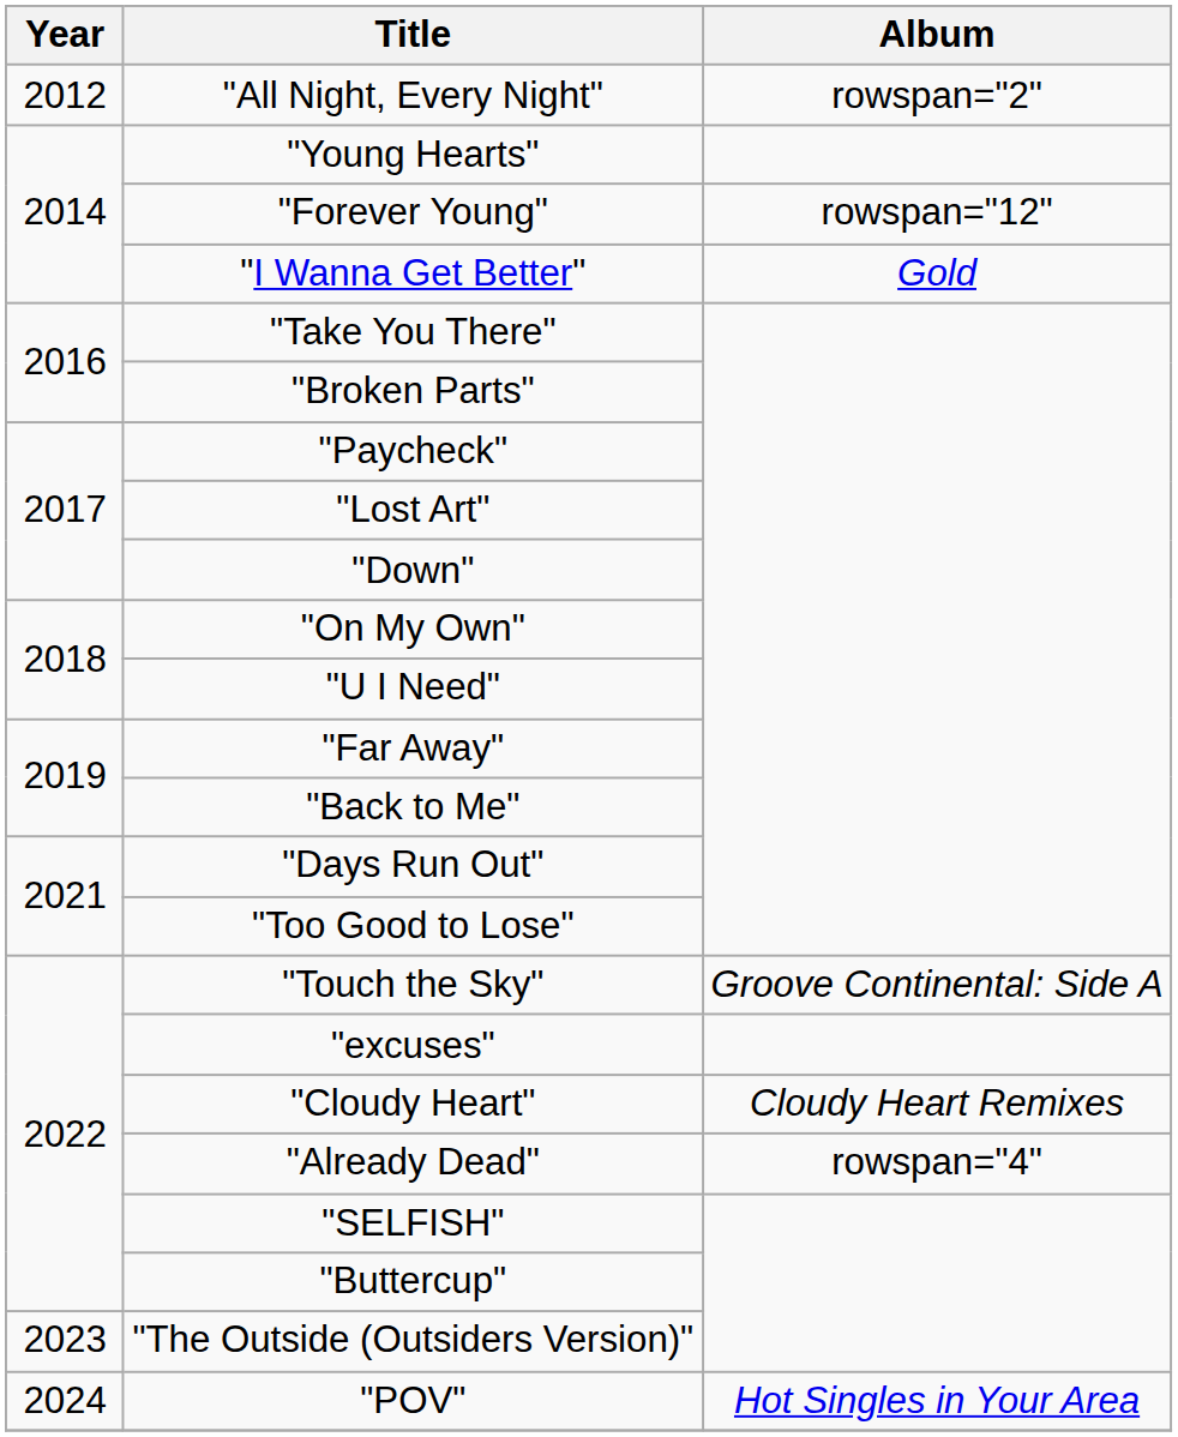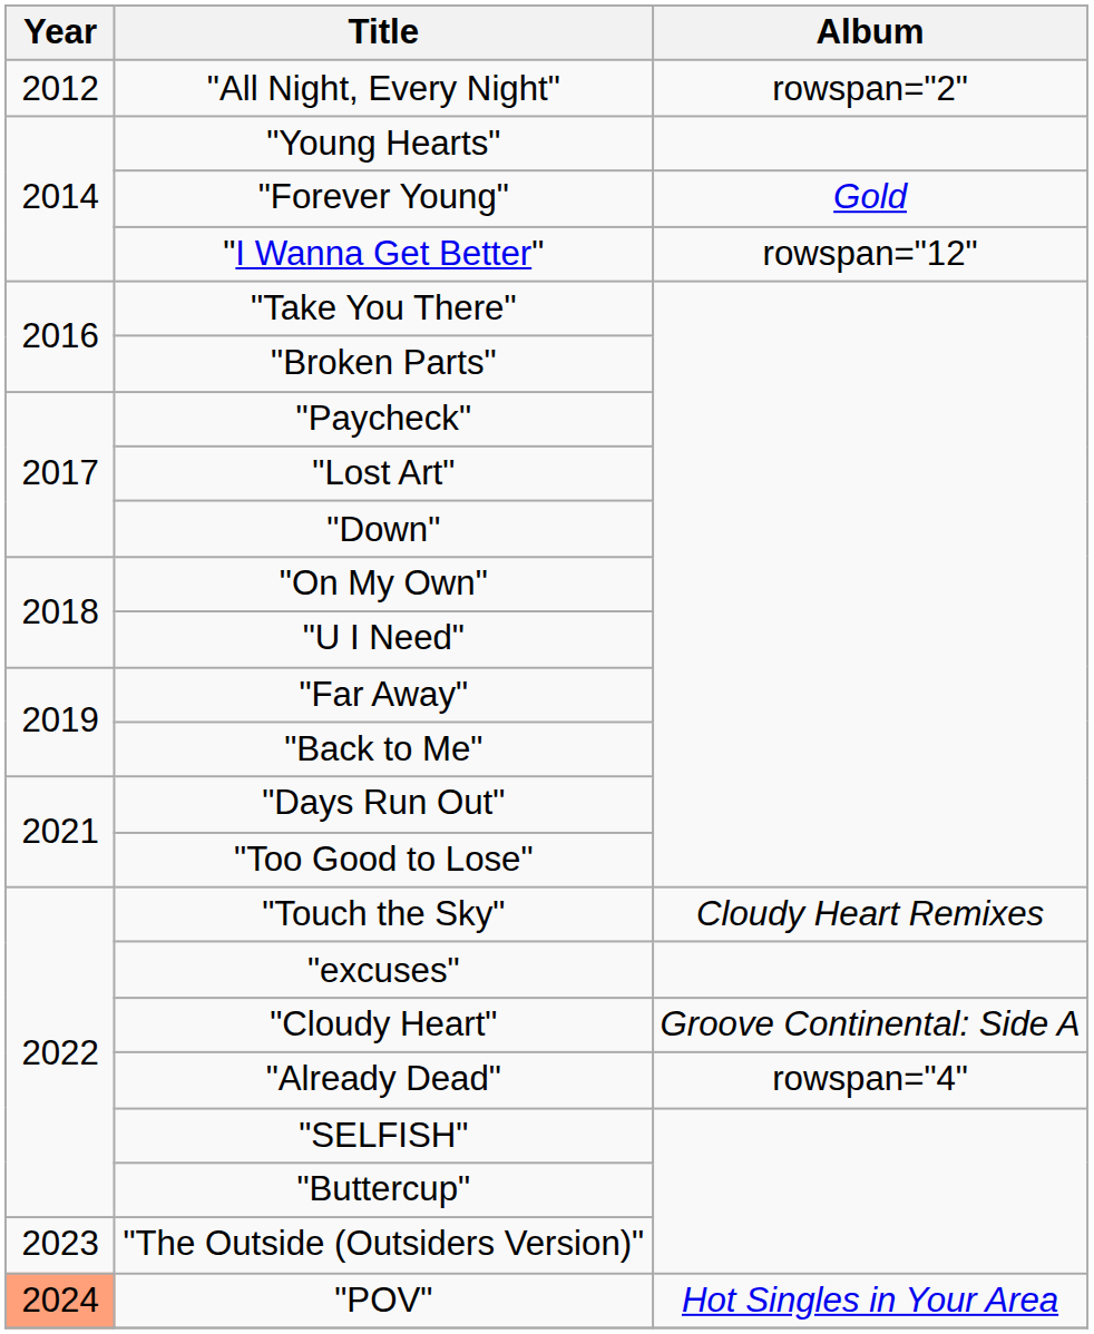 <table class="wikitable" style="text-align:center;">
 <tr>
 <th rowspan="1" width="43">Year</th>
 <th rowspan="1">Title</th>
 <th rowspan="1">Album</th>
 </tr>
 <tr>
 <td>2012</td>
 <td>"All Night, Every Night"<br></td>
 <td>rowspan="2" </td>
 </tr>
 <tr>
 <td rowspan="3">2014</td>
 <td>"Young Hearts"<br></td>
 </tr>
 <tr>
 <td>"Forever Young"<br></td>
-<td>rowspan="12" </td>
+<td><em><a href='#'>Gold</a></em></td>
 </tr>
 <tr>
 <td>"<a href='#'>I Wanna Get Better</a>"<br></td>
-<td><em><a href='#'>Gold</a></em></td>
+<td>rowspan="12" </td>
 </tr>
 <tr>
 <td rowspan="2">2016</td>
 <td>"Take You There"<br></td>
 </tr>
 <tr>
 <td>"Broken Parts"<br></td>
 </tr>
 <tr>
 <td rowspan="3">2017</td>
 <td>"Paycheck"<br></td>
 </tr>
 <tr>
 <td>"Lost Art"<br></td>
 </tr>
 <tr>
 <td>"Down"<br></td>
 </tr>
 <tr>
 <td rowspan="2">2018</td>
 <td>"On My Own"<br></td>
 </tr>
 <tr>
 <td>"U I Need"<br></td>
 </tr>
 <tr>
 <td rowspan="2">2019</td>
 <td>"Far Away"<br></td>
 </tr>
 <tr>
 <td>"Back to Me"<br></td>
 </tr>
 <tr>
 <td rowspan="2">2021</td>
 <td>"Days Run Out"<br></td>
 </tr>
 <tr>
 <td>"Too Good to Lose"<br></td>
 </tr>
 <tr>
 <td rowspan="6">2022</td>
 <td>"Touch the Sky"<br></td>
-<td><em>Groove Continental: Side A</em></td>
+<td><em>Cloudy Heart Remixes</em></td>
 </tr>
 <tr>
 <td>"excuses"<br></td>
 <td></td>
 </tr>
 <tr>
 <td>"Cloudy Heart"<br></td>
-<td><em>Cloudy Heart Remixes</em></td>
+<td><em>Groove Continental: Side A</em></td>
 </tr>
 <tr>
 <td>"Already Dead"<br></td>
 <td>rowspan="4" </td>
 </tr>
 <tr>
 <td>"SELFISH"<br></td>
 </tr>
 <tr>
 <td>"Buttercup"<br></td>
 </tr>
 <tr>
 <td>2023</td>
 <td>"The Outside (Outsiders Version)"<br></td>
 </tr>
 <tr>
-<td>2024</td>
+<td style="background: lightsalmon;">2024</td>
 <td>"POV"<br></td>
 <td><em><a href='#'>Hot Singles in Your Area</a></em></td>
 </tr>
 <tr>
 </tr>
 </table>
